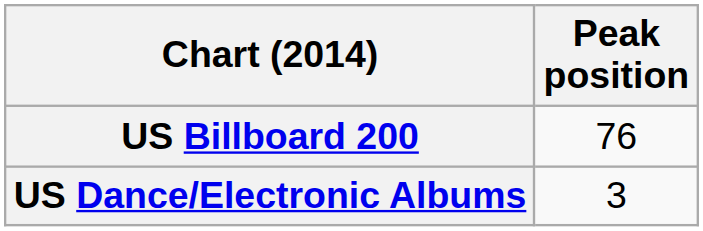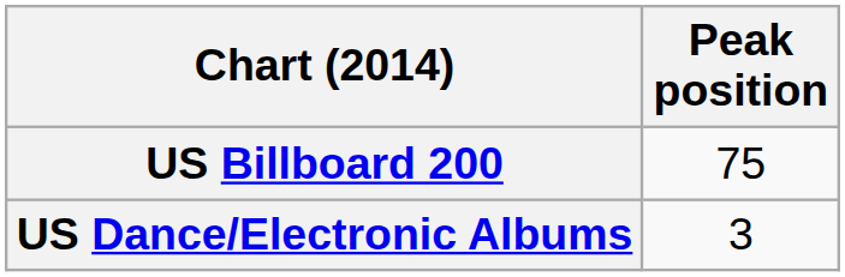 <table class="wikitable plainrowheaders" style="text-align:center;">
 <tr>
 <th>Chart (2014)</th>
 <th>Peak<br>position</th>
 </tr>
 <tr>
 <th scope="row">US <a href='#'>Billboard 200</a></th>
-<td>76</td>
+<td>75</td>
 </tr>
 <tr>
 <th scope="row">US <a href='#'>Dance/Electronic Albums</a></th>
 <td>3</td>
 </tr>
 </table>
